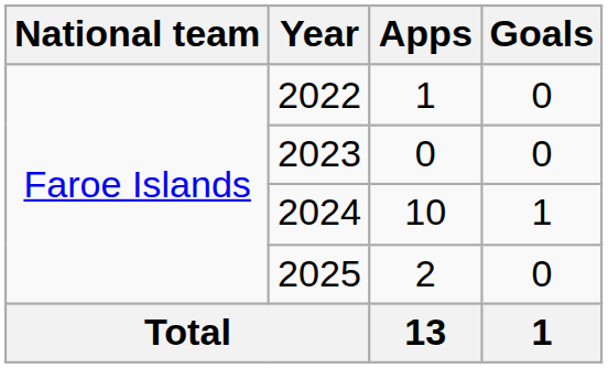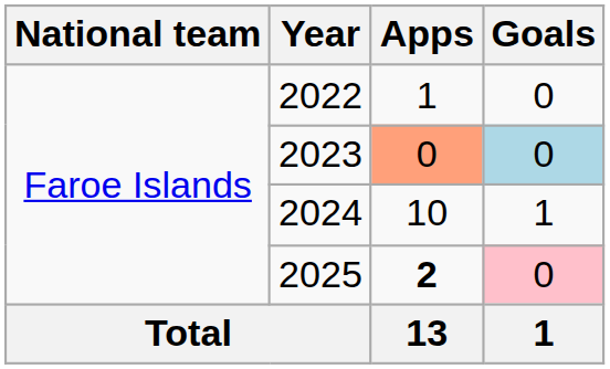 <table class="wikitable" style="text-align:center">
 <tr>
 <th>National team</th>
 <th>Year</th>
 <th>Apps</th>
 <th>Goals</th>
 </tr>
 <tr>
 <td rowspan="4"><a href='#'>Faroe Islands</a></td>
 <td>2022</td>
 <td>1</td>
 <td>0</td>
 </tr>
 <tr>
 <td>2023</td>
-<td>0</td>
-<td>0</td>
+<td style="background: lightsalmon;">0</td>
+<td style="background: lightblue;">0</td>
 </tr>
 <tr>
 <td>2024</td>
 <td>10</td>
 <td>1</td>
 </tr>
 <tr>
 <td>2025</td>
-<td>2</td>
-<td>0</td>
+<td><strong>2</strong></td>
+<td style="background: pink;">0</td>
 </tr>
 <tr>
 <th colspan="2">Total</th>
 <th>13</th>
 <th>1</th>
 </tr>
 </table>
